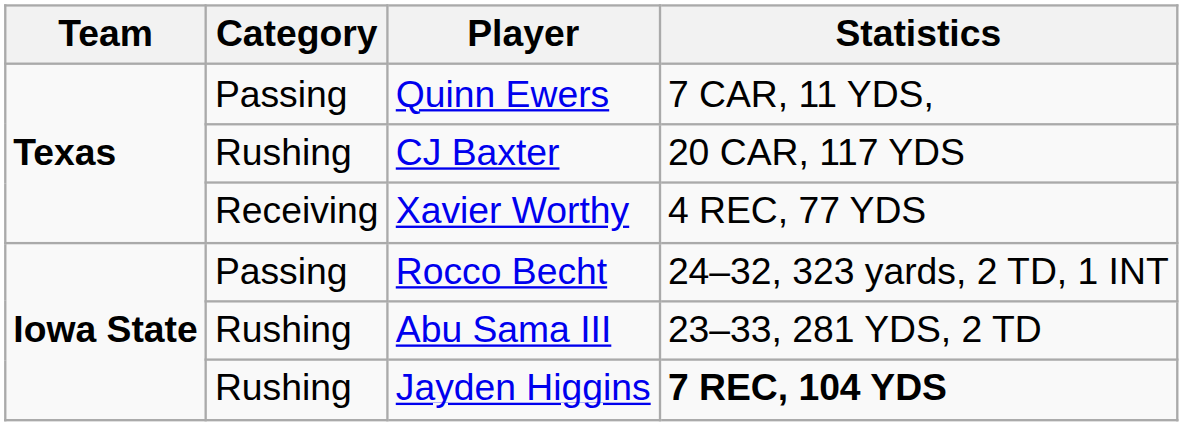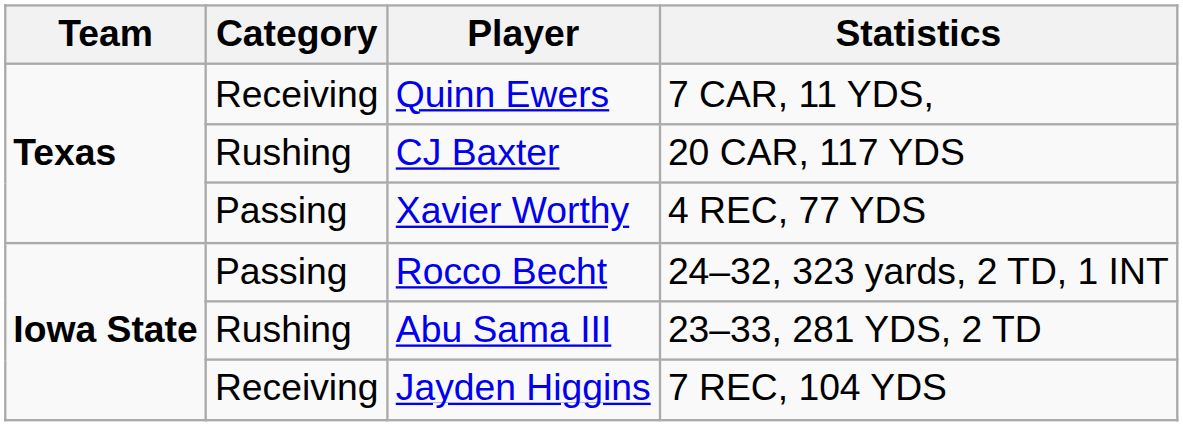 <table class="wikitable" style="float: right;">
 <tr>
 <th>Team</th>
 <th>Category</th>
 <th>Player</th>
 <th>Statistics</th>
 </tr>
 <tr>
 <td rowspan=3><strong>Texas</strong></td>
-<td>Passing</td>
+<td>Receiving</td>
 <td><a href='#'>Quinn Ewers</a></td>
 <td>7 CAR, 11 YDS,</td>
 </tr>
 <tr>
 <td>Rushing</td>
 <td><a href='#'>CJ Baxter</a></td>
 <td>20 CAR, 117 YDS</td>
 </tr>
 <tr>
-<td>Receiving</td>
+<td>Passing</td>
 <td><a href='#'>Xavier Worthy</a></td>
 <td>4 REC, 77 YDS</td>
 </tr>
 <tr>
 <td rowspan=3><strong>Iowa State</strong></td>
 <td>Passing</td>
 <td><a href='#'>Rocco Becht</a></td>
 <td>24–32, 323 yards, 2 TD, 1 INT</td>
 </tr>
 <tr>
 <td>Rushing</td>
 <td><a href='#'>Abu Sama III</a></td>
 <td>23–33, 281 YDS, 2 TD</td>
 </tr>
 <tr>
-<td>Rushing</td>
+<td>Receiving</td>
 <td><a href='#'>Jayden Higgins</a></td>
-<td><strong>7 REC, 104 YDS</strong></td>
+<td>7 REC, 104 YDS</td>
 </tr>
 </table>
